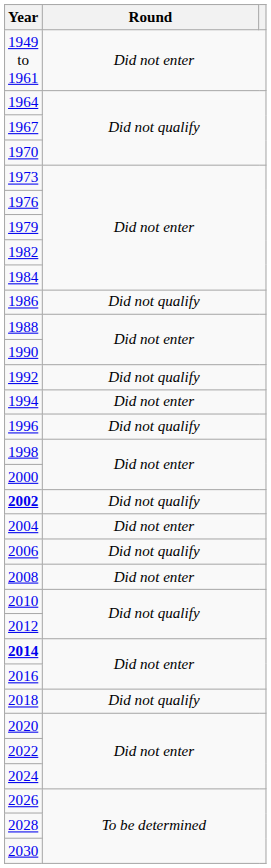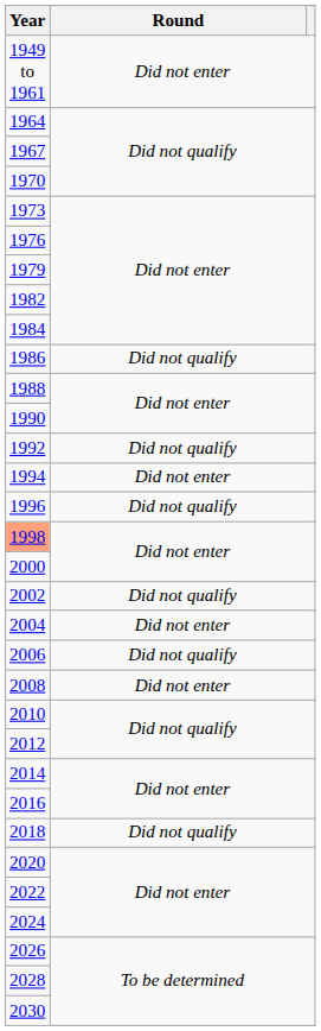 <table class="wikitable" style="text-align: center; font-size:90%">
 <tr>
 <th>Year</th>
 <th style="width:200px">Round</th>
 <th></th>
 </tr>
 <tr>
 <td><a href='#'>1949</a><br>to<br><a href='#'>1961</a></td>
 <td colspan="2"><em>Did not enter</em></td>
 </tr>
 <tr>
 <td><a href='#'>1964</a></td>
 <td colspan="2" rowspan="3"><em>Did not qualify</em></td>
 </tr>
 <tr>
 <td><a href='#'>1967</a></td>
 </tr>
 <tr>
 <td><a href='#'>1970</a></td>
 </tr>
 <tr>
 <td><a href='#'>1973</a></td>
 <td colspan="2" rowspan="5"><em>Did not enter</em></td>
 </tr>
 <tr>
 <td><a href='#'>1976</a></td>
 </tr>
 <tr>
 <td><a href='#'>1979</a></td>
 </tr>
 <tr>
 <td><a href='#'>1982</a></td>
 </tr>
 <tr>
 <td><a href='#'>1984</a></td>
 </tr>
 <tr>
 <td><a href='#'>1986</a></td>
 <td colspan="2"><em>Did not qualify</em></td>
 </tr>
 <tr>
 <td><a href='#'>1988</a></td>
 <td colspan="2" rowspan="2"><em>Did not enter</em></td>
 </tr>
 <tr>
 <td><a href='#'>1990</a></td>
 </tr>
 <tr>
 <td><a href='#'>1992</a></td>
 <td colspan="2"><em>Did not qualify</em></td>
 </tr>
 <tr>
 <td><a href='#'>1994</a></td>
 <td colspan="2"><em>Did not enter</em></td>
 </tr>
 <tr>
 <td><a href='#'>1996</a></td>
 <td colspan="2"><em>Did not qualify</em></td>
 </tr>
 <tr>
-<td><a href='#'>1998</a></td>
+<td style="background: lightsalmon;"><a href='#'>1998</a></td>
 <td colspan="2" rowspan="2"><em>Did not enter</em></td>
 </tr>
 <tr>
 <td><a href='#'>2000</a></td>
 </tr>
 <tr>
-<td><strong><a href='#'>2002</a></strong></td>
+<td><a href='#'>2002</a></td>
 <td colspan="2"><em>Did not qualify</em></td>
 </tr>
 <tr>
 <td><a href='#'>2004</a></td>
 <td colspan="2"><em>Did not enter</em></td>
 </tr>
 <tr>
 <td><a href='#'>2006</a></td>
 <td colspan="2"><em>Did not qualify</em></td>
 </tr>
 <tr>
 <td><a href='#'>2008</a></td>
 <td colspan="2"><em>Did not enter</em></td>
 </tr>
 <tr>
 <td><a href='#'>2010</a></td>
 <td colspan="2" rowspan="2"><em>Did not qualify</em></td>
 </tr>
 <tr>
 <td><a href='#'>2012</a></td>
 </tr>
 <tr>
-<td><strong><a href='#'>2014</a></strong></td>
+<td><a href='#'>2014</a></td>
 <td colspan="2" rowspan="2"><em>Did not enter</em></td>
 </tr>
 <tr>
 <td><a href='#'>2016</a></td>
 </tr>
 <tr>
 <td><a href='#'>2018</a></td>
 <td colspan="2"><em>Did not qualify</em></td>
 </tr>
 <tr>
 <td><a href='#'>2020</a></td>
 <td colspan="2" rowspan="3"><em>Did not enter</em></td>
 </tr>
 <tr>
 <td><a href='#'>2022</a></td>
 </tr>
 <tr>
 <td><a href='#'>2024</a></td>
 </tr>
 <tr>
 <td><a href='#'>2026</a></td>
 <td colspan="2" rowspan="3"><em>To be determined</em></td>
 </tr>
 <tr>
 <td><a href='#'>2028</a></td>
 </tr>
 <tr>
 <td><a href='#'>2030</a></td>
 </tr>
 </table>
